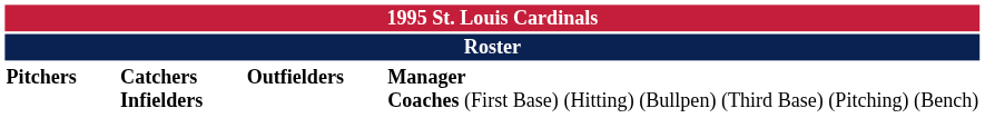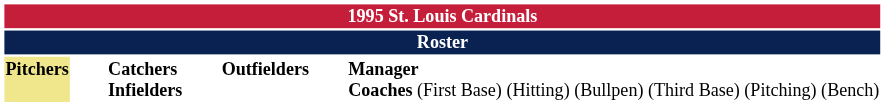 <table class="toccolours" style="font-size: 95%;">
 <tr>
 <th colspan="10" style="background-color: #c41e3a; color: #FFFFFF; text-align: center;">1995 St. Louis Cardinals</th>
 </tr>
 <tr>
 <td colspan="10" style="background-color: #0a2252; color: #FFFFFF; text-align: center;"><strong>Roster</strong></td>
 </tr>
 <tr>
-<td valign="top"><strong>Pitchers</strong><br>                    </td>
+<td valign="top" style="background: khaki;"><strong>Pitchers</strong><br>                    </td>
 <td width="25px"></td>
 <td valign="top"><strong>Catchers</strong><br>   <strong>Infielders</strong>                </td>
 <td width="25px"></td>
 <td valign="top"><strong>Outfielders</strong><br>     </td>
 <td width="25px"></td>
 <td valign="top"><strong>Manager</strong><br>  <strong>Coaches</strong>  (First Base)  (Hitting)  (Bullpen)  (Third Base)  (Pitching)  (Bench)</td>
 </tr>
 </table>
